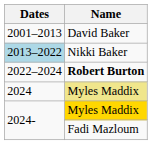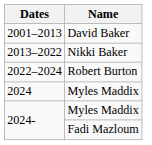 <table class="wikitable">
 <tr>
 <th>Dates</th>
 <th>Name</th>
 </tr>
 <tr>
 <td>2001–2013</td>
 <td> David Baker</td>
 </tr>
 <tr>
-<td style="background: lightblue;">2013–2022</td>
+<td>2013–2022</td>
 <td> Nikki Baker</td>
 </tr>
 <tr>
 <td>2022–2024</td>
-<td><strong> Robert Burton</strong></td>
+<td> Robert Burton</td>
 </tr>
 <tr>
 <td>2024</td>
-<td style="background: khaki;"> Myles Maddix</td>
+<td> Myles Maddix</td>
 </tr>
 <tr>
 <td rowspan=2>2024-</td>
-<td style="background: gold;"> Myles Maddix</td>
+<td> Myles Maddix</td>
 </tr>
 <tr>
 <td> Fadi Mazloum</td>
 </tr>
 </table>
